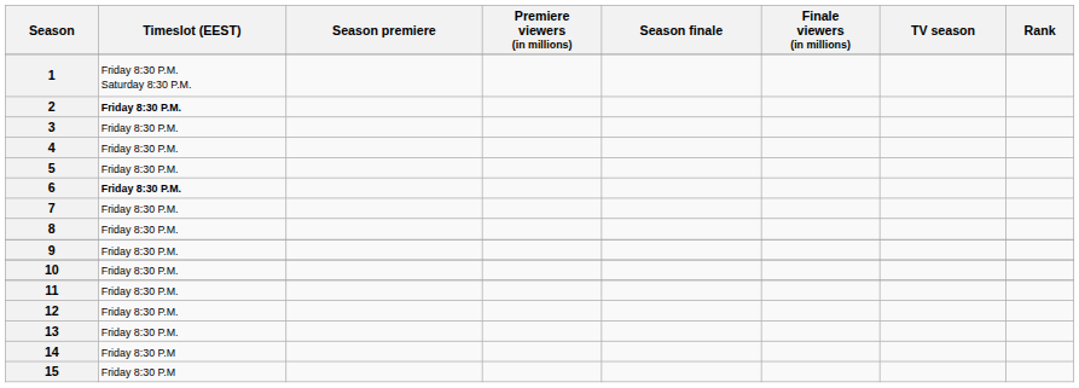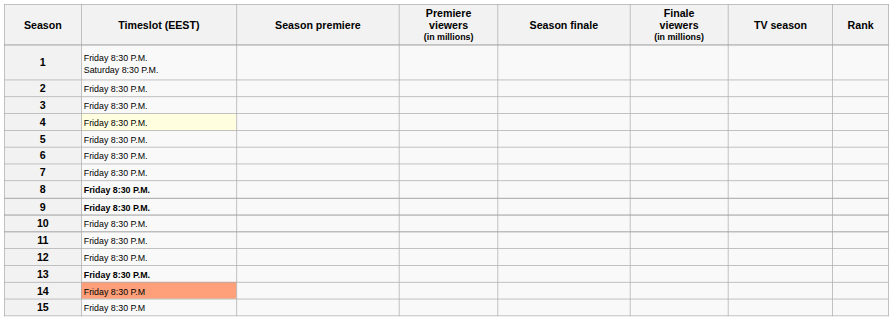 <table class="wikitable"  style="font-size:95%; width:100%;">
 <tr>
 <th>Season</th>
 <th>Timeslot (EEST)</th>
 <th>Season premiere</th>
 <th>Premiere<br>viewers<br><small>(in millions)</small></th>
 <th>Season finale</th>
 <th>Finale<br>viewers<br><small>(in millions)</small></th>
 <th>TV season</th>
 <th>Rank</th>
 </tr>
 <tr>
 </tr>
 <tr style="height:50px;">
 <th>1</th>
 <td style="text-align:left"><small>Friday 8:30 P.M.</small><br><small>Saturday 8:30 P.M.</small></td>
 <td></td>
 <td></td>
 <td></td>
 <td></td>
 <td></td>
 <td></td>
 </tr>
 <tr>
 <th>2</th>
-<td style="text-align:left"><strong><small>Friday 8:30 P.M.</small></strong></td>
+<td style="text-align:left"><small>Friday 8:30 P.M.</small></td>
 <td></td>
 <td></td>
 <td></td>
 <td></td>
 <td></td>
 <td></td>
 </tr>
 <tr>
 <th>3</th>
 <td><small>Friday 8:30 P.M.</small></td>
 <td></td>
 <td></td>
 <td></td>
 <td></td>
 <td></td>
 <td></td>
 </tr>
 <tr>
 <th>4</th>
-<td><small>Friday 8:30 P.M.</small></td>
+<td style="background: lightyellow;"><small>Friday 8:30 P.M.</small></td>
 <td></td>
 <td></td>
 <td></td>
 <td></td>
 <td></td>
 <td></td>
 </tr>
 <tr>
 <th>5</th>
 <td><small>Friday 8:30 P.M.</small></td>
 <td></td>
 <td></td>
 <td></td>
 <td></td>
 <td></td>
 <td></td>
 </tr>
 <tr>
 <th>6</th>
-<td><strong><small>Friday 8:30 P.M.</small></strong></td>
+<td><small>Friday 8:30 P.M.</small></td>
 <td></td>
 <td></td>
 <td></td>
 <td></td>
 <td></td>
 <td></td>
 </tr>
 <tr>
 <th>7</th>
 <td><small>Friday 8:30 P.M.</small></td>
 <td></td>
 <td></td>
 <td></td>
 <td></td>
 <td></td>
 <td></td>
 </tr>
 <tr>
 <th>8</th>
-<td><small>Friday 8:30 P.M.</small></td>
+<td><strong><small>Friday 8:30 P.M.</small></strong></td>
 <td></td>
 <td></td>
 <td></td>
 <td></td>
 <td></td>
 <td></td>
 </tr>
 <tr>
 </tr>
 <tr>
 <th>9</th>
-<td><small>Friday 8:30 P.M.</small></td>
+<td><strong><small>Friday 8:30 P.M.</small></strong></td>
 <td></td>
 <td></td>
 <td></td>
 <td></td>
 <td></td>
 <td></td>
 </tr>
 <tr>
 </tr>
 <tr>
 <th>10</th>
 <td><small>Friday 8:30 P.M.</small></td>
 <td></td>
 <td></td>
 <td></td>
 <td></td>
 <td></td>
 <td></td>
 </tr>
 <tr>
 </tr>
 <tr>
 <th>11</th>
 <td><small>Friday 8:30 P.M.</small></td>
 <td></td>
 <td></td>
 <td></td>
 <td></td>
 <td></td>
 <td></td>
 </tr>
 <tr>
 <th>12</th>
 <td><small>Friday 8:30 P.M.</small></td>
 <td></td>
 <td></td>
 <td></td>
 <td></td>
 <td></td>
 <td></td>
 </tr>
 <tr>
 <th>13</th>
-<td><small>Friday 8:30 P.M.</small></td>
+<td><strong><small>Friday 8:30 P.M.</small></strong></td>
 <td></td>
 <td></td>
 <td></td>
 <td></td>
 <td></td>
 <td></td>
 </tr>
 <tr>
 <th>14</th>
-<td><small>Friday 8:30 P.M</small></td>
+<td style="background: lightsalmon;"><small>Friday 8:30 P.M</small></td>
 <td></td>
 <td></td>
 <td></td>
 <td></td>
 <td></td>
 <td></td>
 </tr>
 <tr>
 <th>15</th>
 <td><small>Friday 8:30 P.M</small></td>
 <td></td>
 <td></td>
 <td></td>
 <td></td>
 <td></td>
 <td></td>
 </tr>
 </table>
